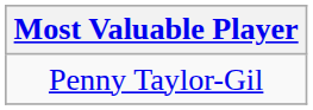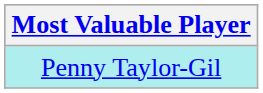 <table class=wikitable style="text-align:center; margin:auto">
 <tr>
 <th><a href='#'>Most Valuable Player</a></th>
 </tr>
 <tr>
-<td> <a href='#'>Penny Taylor-Gil</a></td>
+<td style="background: paleturquoise;"> <a href='#'>Penny Taylor-Gil</a></td>
 </tr>
 </table>
